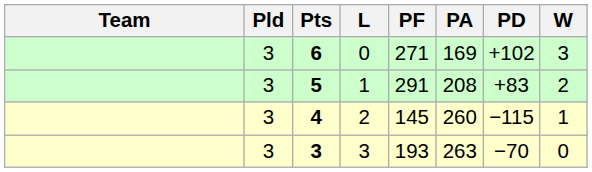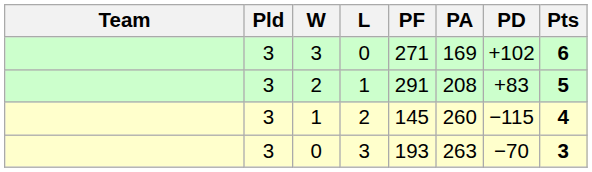 <table class="wikitable" style="text-align:center;">
 <tr>
 <th width=180>Team</th>
 <th width=30>Pld</th>
-<th width=30>Pts</th>
+<th width=30>W</th>
 <th width=30>L</th>
 <th width=30>PF</th>
 <th width=30>PA</th>
 <th width=30>PD</th>
-<th width=30>W</th>
+<th width=30>Pts</th>
 </tr>
 <tr bgcolor="#ccffcc">
 <td align="left"></td>
 <td>3</td>
-<td><strong>6</strong></td>
+<td>3</td>
 <td>0</td>
 <td>271</td>
 <td>169</td>
 <td>+102</td>
-<td>3</td>
+<td><strong>6</strong></td>
 </tr>
 <tr bgcolor="#ccffcc">
 <td align="left"></td>
 <td>3</td>
-<td><strong>5</strong></td>
+<td>2</td>
 <td>1</td>
 <td>291</td>
 <td>208</td>
 <td>+83</td>
-<td>2</td>
+<td><strong>5</strong></td>
 </tr>
 <tr bgcolor="ffffcc">
 <td align="left"></td>
 <td>3</td>
-<td><strong>4</strong></td>
+<td>1</td>
 <td>2</td>
 <td>145</td>
 <td>260</td>
 <td>−115</td>
-<td>1</td>
+<td><strong>4</strong></td>
 </tr>
 <tr bgcolor="ffffcc">
 <td align="left"></td>
 <td>3</td>
-<td><strong>3</strong></td>
+<td>0</td>
 <td>3</td>
 <td>193</td>
 <td>263</td>
 <td>−70</td>
-<td>0</td>
+<td><strong>3</strong></td>
 </tr>
 </table>
